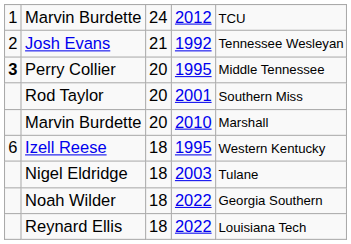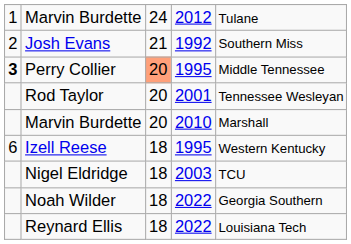 <table class="wikitable">
 <tr>
 </tr>
 <tr>
 <td>1</td>
 <td>Marvin Burdette</td>
 <td>24</td>
 <td><a href='#'>2012</a></td>
-<td style="font-size:80%;">TCU</td>
+<td style="font-size:80%;">Tulane</td>
 </tr>
 <tr>
 <td>2</td>
 <td><a href='#'>Josh Evans</a></td>
 <td>21</td>
 <td><a href='#'>1992</a></td>
-<td style="font-size:80%;">Tennessee Wesleyan</td>
+<td style="font-size:80%;">Southern Miss</td>
 </tr>
 <tr>
 <td><strong>3</strong></td>
 <td>Perry Collier</td>
-<td>20</td>
+<td style="background: lightsalmon;">20</td>
 <td><a href='#'>1995</a></td>
 <td style="font-size:80%;">Middle Tennessee</td>
 </tr>
 <tr>
 <td></td>
 <td>Rod Taylor</td>
 <td>20</td>
 <td><a href='#'>2001</a></td>
-<td style="font-size:80%;">Southern Miss</td>
+<td style="font-size:80%;">Tennessee Wesleyan</td>
 </tr>
 <tr>
 <td></td>
 <td>Marvin Burdette</td>
 <td>20</td>
 <td><a href='#'>2010</a></td>
 <td style="font-size:80%;">Marshall</td>
 </tr>
 <tr>
 <td>6</td>
 <td><a href='#'>Izell Reese</a></td>
 <td>18</td>
 <td><a href='#'>1995</a></td>
 <td style="font-size:80%;">Western Kentucky</td>
 </tr>
 <tr>
 <td></td>
 <td>Nigel Eldridge</td>
 <td>18</td>
 <td><a href='#'>2003</a></td>
-<td style="font-size:80%;">Tulane</td>
+<td style="font-size:80%;">TCU</td>
 </tr>
 <tr>
 <td></td>
 <td>Noah Wilder</td>
 <td>18</td>
 <td><a href='#'>2022</a></td>
 <td style="font-size:80%;">Georgia Southern</td>
 </tr>
 <tr>
 <td></td>
 <td>Reynard Ellis</td>
 <td>18</td>
 <td><a href='#'>2022</a></td>
 <td style="font-size:80%;">Louisiana Tech</td>
 </tr>
 </table>
